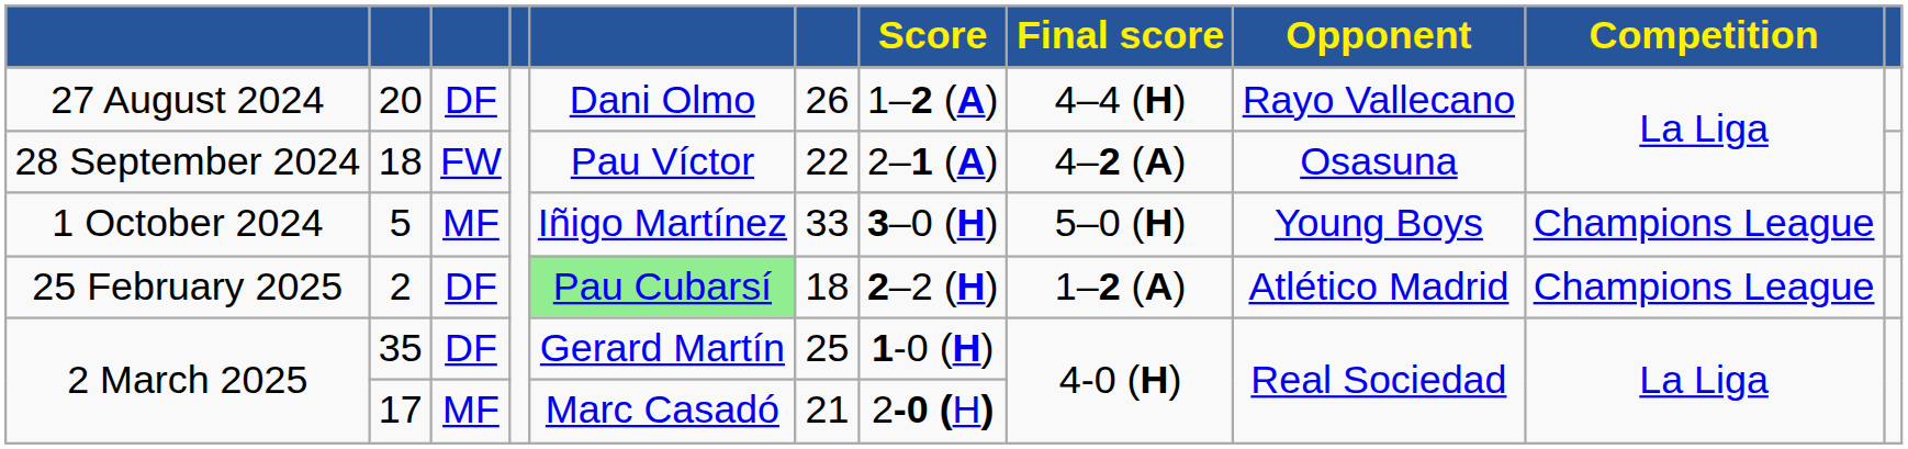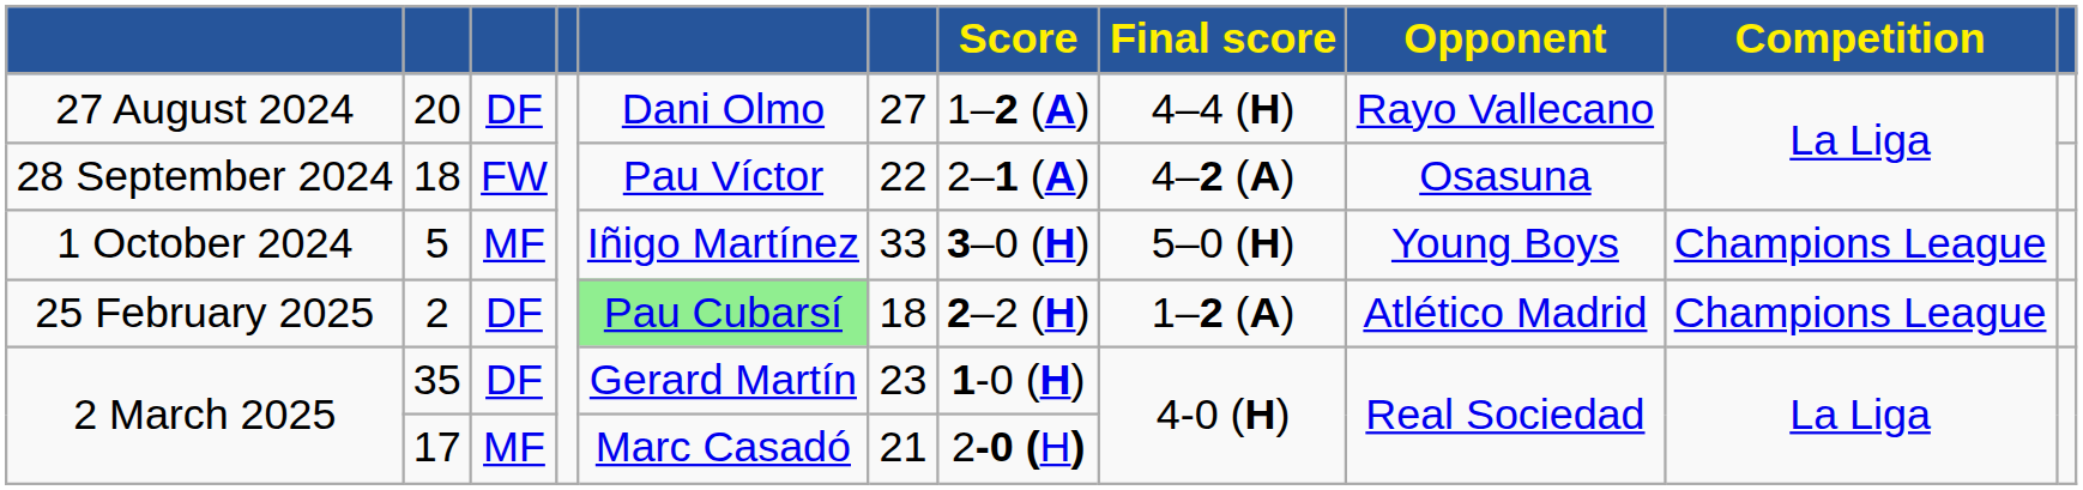 <table class="wikitable" style="text-align:center">
 <tr>
 <th style="background:#26559B;color:#FFF000;"></th>
 <th style="background:#26559B;color:#FFF000;"></th>
 <th style="background:#26559B;color:#FFF000;"></th>
 <th style="background:#26559B;color:#FFF000;"></th>
 <th style="background:#26559B;color:#FFF000;"></th>
 <th style="background:#26559B;color:#FFF000;"></th>
 <th style="background:#26559B;color:#FFF000;">Score</th>
 <th style="background:#26559B;color:#FFF000;">Final score</th>
 <th style="background:#26559B;color:#FFF000;">Opponent</th>
 <th style="background:#26559B;color:#FFF000;">Competition</th>
 <th style="background:#26559B;color:#FFF000;"></th>
 </tr>
 <tr>
 </tr>
 <tr>
 <td>27 August 2024</td>
 <td>20</td>
 <td><a href='#'>DF</a></td>
 <td rowspan="6"></td>
 <td><a href='#'>Dani Olmo</a></td>
-<td>26</td>
+<td>27</td>
 <td>1–<strong>2</strong> (<a href='#'><strong>A</strong></a>)</td>
 <td>4–4 (<strong>H</strong>)</td>
 <td><a href='#'>Rayo Vallecano</a></td>
 <td rowspan=2><a href='#'>La Liga</a></td>
 <td></td>
 </tr>
 <tr>
 <td>28 September 2024</td>
 <td>18</td>
 <td><a href='#'>FW</a></td>
 <td><a href='#'>Pau Víctor</a></td>
 <td>22</td>
 <td>2–<strong>1</strong> (<a href='#'><strong>A</strong></a>)</td>
 <td>4–<strong>2</strong> (<strong>A</strong>)</td>
 <td><a href='#'>Osasuna</a></td>
 <td></td>
 </tr>
 <tr>
 <td>1 October 2024</td>
 <td>5</td>
 <td><a href='#'>MF</a></td>
 <td><a href='#'>Iñigo Martínez</a></td>
 <td>33</td>
 <td><strong>3</strong>–0 (<a href='#'><strong>H</strong></a>)</td>
 <td>5–0 (<strong>H</strong>)</td>
 <td> <a href='#'>Young Boys</a></td>
 <td><a href='#'>Champions League</a></td>
 <td></td>
 </tr>
 <tr>
 <td>25 February 2025</td>
 <td>2</td>
 <td><a href='#'>DF</a></td>
 <td style="background: lightgreen;"><a href='#'>Pau Cubarsí</a></td>
 <td>18</td>
 <td><strong>2</strong>–2 (<a href='#'><strong>H</strong></a>)</td>
 <td>1–<strong>2</strong> (<strong>A</strong>)</td>
 <td><a href='#'>Atlético Madrid</a></td>
 <td><a href='#'>Champions League</a></td>
 <td></td>
 </tr>
 <tr>
 <td rowspan=2>2 March 2025</td>
 <td>35</td>
 <td><a href='#'>DF</a></td>
 <td><a href='#'>Gerard Martín</a></td>
-<td>25</td>
+<td>23</td>
 <td><strong>1</strong>-0 (<a href='#'><strong>H</strong></a>)</td>
 <td rowspan=2>4-0 (<strong>H</strong>)</td>
 <td rowspan=2><a href='#'>Real Sociedad</a><strong></td>
 <td rowspan=2><a href='#'>La Liga</a></td>
 <td rowspan=2></td>
 </tr>
 <tr>
 <td>17</td>
 <td><a href='#'>MF</a></td>
 <td><a href='#'>Marc Casadó</a></td>
 <td>21</td>
 <td></strong>2<strong>-0 (<a href='#'></strong>H<strong></a>)</td>
 </tr>
 </table>
